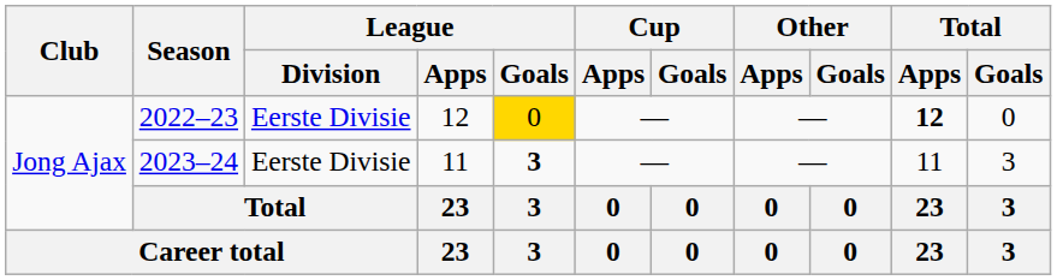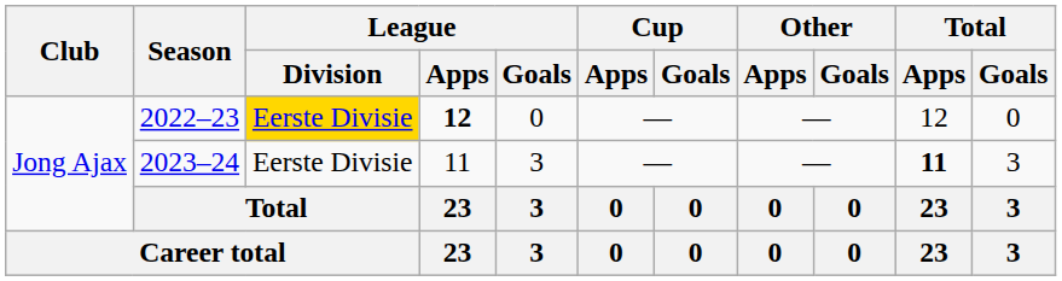 <table class="wikitable" style="text-align:center">
 <tr>
 <th rowspan="2">Club</th>
 <th rowspan="2">Season</th>
 <th colspan="3">League</th>
 <th colspan="2">Cup</th>
 <th colspan="2">Other</th>
 <th colspan="2">Total</th>
 </tr>
 <tr>
 <th>Division</th>
 <th>Apps</th>
 <th>Goals</th>
 <th>Apps</th>
 <th>Goals</th>
 <th>Apps</th>
 <th>Goals</th>
 <th>Apps</th>
 <th>Goals</th>
 </tr>
 <tr>
 <td rowspan="3"><a href='#'>Jong Ajax</a></td>
 <td><a href='#'>2022–23</a></td>
-<td><a href='#'>Eerste Divisie</a></td>
-<td>12</td>
-<td style="background: gold;">0</td>
+<td style="background: gold;"><a href='#'>Eerste Divisie</a></td>
+<td><strong>12</strong></td>
+<td>0</td>
 <td colspan="2">—</td>
 <td colspan="2">—</td>
-<td><strong>12</strong></td>
+<td>12</td>
 <td>0</td>
 </tr>
 <tr>
 <td><a href='#'>2023–24</a></td>
 <td>Eerste Divisie</td>
 <td>11</td>
-<td><strong>3</strong></td>
+<td>3</td>
 <td colspan="2">—</td>
 <td colspan="2">—</td>
-<td>11</td>
+<td><strong>11</strong></td>
 <td>3</td>
 </tr>
 <tr>
 <th colspan="2">Total</th>
 <th>23</th>
 <th>3</th>
 <th>0</th>
 <th>0</th>
 <th>0</th>
 <th>0</th>
 <th>23</th>
 <th>3</th>
 </tr>
 <tr>
 <th colspan="3">Career total</th>
 <th>23</th>
 <th>3</th>
 <th>0</th>
 <th>0</th>
 <th>0</th>
 <th>0</th>
 <th>23</th>
 <th>3</th>
 </tr>
 </table>
